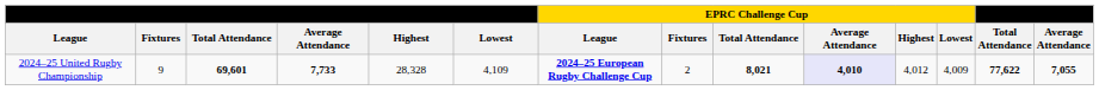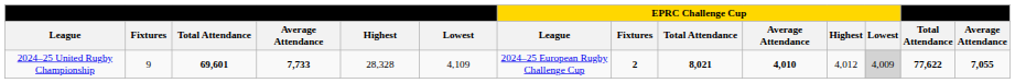 <table class="wikitable sortable" style="font-size:90%; width:90%;">
 <tr>
 <td colspan="6" class="wikitable sortable" style="width:45%; background:#000000; text-align:center;"><span><strong>Domestic League</strong></span></td>
 <td colspan="6" class="wikitable sortable" style="width:45%; background:gold; text-align:center;"><span><strong>EPRC Challenge Cup</strong></span></td>
 <td colspan="2" class="wikitable sortable" style="width:45%; background:#000000; text-align:center;"><span><strong>Total</strong></span></td>
 </tr>
 <tr>
 <th style="width:15%;">League</th>
 <th style="width:5%;">Fixtures</th>
 <th style="width:10%;">Total Attendance</th>
 <th style="width:10%;">Average Attendance</th>
 <th style="width:10%;">Highest</th>
 <th style="width:10%;">Lowest</th>
 <th style="width:15%;">League</th>
 <th style="width:5%;">Fixtures</th>
 <th style="width:10%;">Total Attendance</th>
 <th style="width:10%;">Average Attendance</th>
 <th style="width:10%;">Highest</th>
 <th style="width:10%;">Lowest</th>
 <th style="width:10%;">Total Attendance</th>
 <th style="width:10%;"><strong>Average Attendance</strong></th>
 </tr>
 <tr>
 <td align=center><a href='#'>2024–25 United Rugby Championship</a></td>
 <td align=center>9</td>
 <td align=center><strong>69,601</strong></td>
 <td align="center"><strong>7,733</strong></td>
 <td align=center>28,328</td>
 <td align=center>4,109</td>
-<td align=center><strong><a href='#'>2024–25 European Rugby Challenge Cup</a></strong></td>
-<td align=center>2</td>
+<td align=center><a href='#'>2024–25 European Rugby Challenge Cup</a></td>
+<td align=center><strong>2</strong></td>
 <td align=center><strong>8,021</strong></td>
-<td align="center" style="background: lavender;"><strong>4,010</strong></td>
+<td align="center"><strong>4,010</strong></td>
 <td align=center>4,012</td>
-<td align=center>4,009</td>
+<td align=center style="background: lightgrey;">4,009</td>
 <td align=center><strong>77,622</strong></td>
 <td align=center><strong>7,055</strong></td>
 </tr>
 </table>
